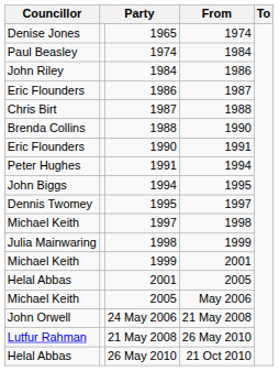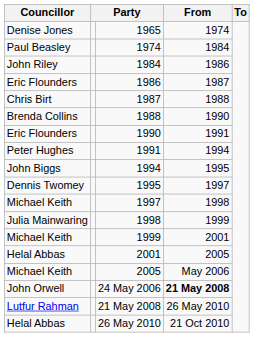 <table class=wikitable>
 <tr>
 <th>Councillor</th>
 <th colspan=2>Party</th>
 <th>From</th>
 <th>To</th>
 </tr>
 <tr>
 <td>Denise Jones</td>
 <td></td>
 <td align=right>1965</td>
 <td align=right>1974</td>
 </tr>
 <tr>
 <td>Paul Beasley</td>
 <td></td>
 <td align=right>1974</td>
 <td align=right>1984</td>
 </tr>
 <tr>
 <td>John Riley</td>
 <td></td>
 <td align=right>1984</td>
 <td align=right>1986</td>
 </tr>
 <tr>
 <td>Eric Flounders</td>
 <td></td>
 <td align=right>1986</td>
 <td align=right>1987</td>
 </tr>
 <tr>
 <td>Chris Birt</td>
 <td></td>
 <td align=right>1987</td>
 <td align=right>1988</td>
 </tr>
 <tr>
 <td>Brenda Collins</td>
 <td></td>
 <td align=right>1988</td>
 <td align=right>1990</td>
 </tr>
 <tr>
 <td>Eric Flounders</td>
 <td></td>
 <td align=right>1990</td>
 <td align=right>1991</td>
 </tr>
 <tr>
 <td>Peter Hughes</td>
 <td></td>
 <td align=right>1991</td>
 <td align=right>1994</td>
 </tr>
 <tr>
 <td>John Biggs</td>
 <td></td>
 <td align=right>1994</td>
 <td align=right>1995</td>
 </tr>
 <tr>
 <td>Dennis Twomey</td>
 <td></td>
 <td align=right>1995</td>
 <td align=right>1997</td>
 </tr>
 <tr>
 <td>Michael Keith</td>
 <td></td>
 <td align=right>1997</td>
 <td align=right>1998</td>
 </tr>
 <tr>
 <td>Julia Mainwaring</td>
 <td></td>
 <td align=right>1998</td>
 <td align=right>1999</td>
 </tr>
 <tr>
 <td>Michael Keith</td>
 <td></td>
 <td align=right>1999</td>
 <td align=right>2001</td>
 </tr>
 <tr>
 <td>Helal Abbas</td>
 <td></td>
 <td align=right>2001</td>
 <td align=right>2005</td>
 </tr>
 <tr>
 <td>Michael Keith</td>
 <td></td>
 <td align=right>2005</td>
 <td align=right>May 2006</td>
 </tr>
 <tr>
 <td>John Orwell</td>
 <td></td>
 <td align=right>24 May 2006</td>
-<td align=right>21 May 2008</td>
+<td align=right><strong>21 May 2008</strong></td>
 </tr>
 <tr>
 <td><a href='#'>Lutfur Rahman</a></td>
 <td></td>
 <td align=right>21 May 2008</td>
 <td align=right>26 May 2010</td>
 </tr>
 <tr>
 <td>Helal Abbas</td>
 <td></td>
 <td align=right>26 May 2010</td>
 <td align=right>21 Oct 2010</td>
 </tr>
 </table>
